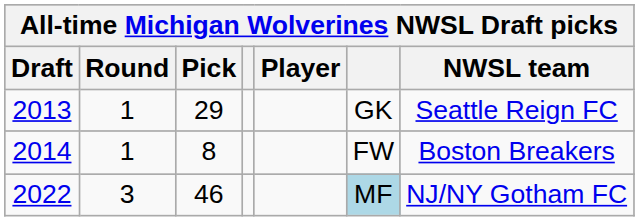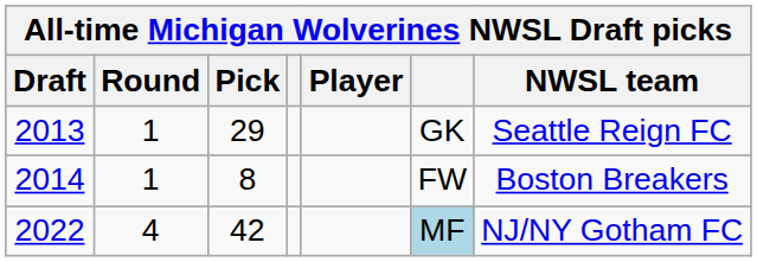 <table class="wikitable sortable" style="text-align: center;">
 <tr>
 <th colspan="7" style="background:#">All-time <a href='#'><span>Michigan Wolverines</span></a> NWSL Draft picks</th>
 </tr>
 <tr>
 <th scope="col">Draft</th>
 <th scope="col">Round</th>
 <th scope="col">Pick</th>
 <th scope="col"></th>
 <th scope="col">Player</th>
 <th scope="col"></th>
 <th scope="col">NWSL team</th>
 </tr>
 <tr>
 <td><a href='#'>2013</a></td>
 <td>1</td>
 <td>29</td>
 <td></td>
 <td></td>
 <td>GK</td>
 <td><a href='#'>Seattle Reign FC</a></td>
 </tr>
 <tr>
 <td><a href='#'>2014</a></td>
 <td>1</td>
 <td>8</td>
 <td></td>
 <td></td>
 <td>FW</td>
 <td><a href='#'>Boston Breakers</a></td>
 </tr>
 <tr>
 <td><a href='#'>2022</a></td>
-<td>3</td>
-<td>46</td>
+<td>4</td>
+<td>42</td>
 <td></td>
 <td></td>
 <td style="background: lightblue;">MF</td>
 <td><a href='#'>NJ/NY Gotham FC</a></td>
 </tr>
 </table>
